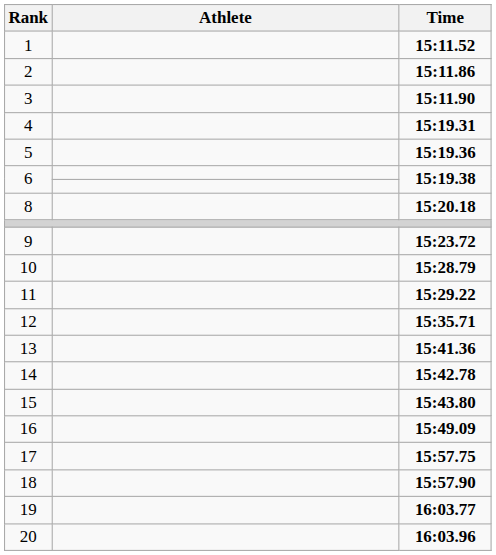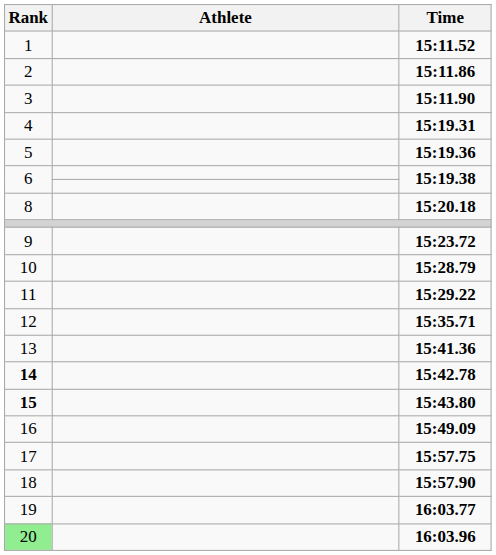 <table class="wikitable">
 <tr>
 <th>Rank</th>
 <th align="center" style="width: 20em">Athlete</th>
 <th align="center" style="width: 5em">Time</th>
 </tr>
 <tr>
 <td align="center">1</td>
 <td></td>
 <td align="center"><strong>15:11.52</strong></td>
 </tr>
 <tr>
 <td align="center">2</td>
 <td></td>
 <td align="center"><strong>15:11.86</strong></td>
 </tr>
 <tr>
 <td align="center">3</td>
 <td></td>
 <td align="center"><strong>15:11.90</strong></td>
 </tr>
 <tr>
 <td align="center">4</td>
 <td></td>
 <td align="center"><strong>15:19.31</strong></td>
 </tr>
 <tr>
 <td align="center">5</td>
 <td></td>
 <td align="center"><strong>15:19.36</strong></td>
 </tr>
 <tr>
 <td rowspan=2 align="center">6</td>
 <td></td>
 <td rowspan=2 align="center"><strong>15:19.38</strong></td>
 </tr>
 <tr>
 <td></td>
 </tr>
 <tr>
 <td align="center">8</td>
 <td></td>
 <td align="center"><strong>15:20.18</strong></td>
 </tr>
 <tr>
 <td colspan=3 bgcolor=lightgray></td>
 </tr>
 <tr>
 <td align="center">9</td>
 <td></td>
 <td align="center"><strong>15:23.72</strong></td>
 </tr>
 <tr>
 <td align="center">10</td>
 <td></td>
 <td align="center"><strong>15:28.79</strong></td>
 </tr>
 <tr>
 <td align="center">11</td>
 <td></td>
 <td align="center"><strong>15:29.22</strong></td>
 </tr>
 <tr>
 <td align="center">12</td>
 <td></td>
 <td align="center"><strong>15:35.71</strong></td>
 </tr>
 <tr>
 <td align="center">13</td>
 <td></td>
 <td align="center"><strong>15:41.36</strong></td>
 </tr>
 <tr>
-<td align="center">14</td>
+<td align="center"><strong>14</strong></td>
 <td></td>
 <td align="center"><strong>15:42.78</strong></td>
 </tr>
 <tr>
-<td align="center">15</td>
+<td align="center"><strong>15</strong></td>
 <td></td>
 <td align="center"><strong>15:43.80</strong></td>
 </tr>
 <tr>
 <td align="center">16</td>
 <td></td>
 <td align="center"><strong>15:49.09</strong></td>
 </tr>
 <tr>
 <td align="center">17</td>
 <td></td>
 <td align="center"><strong>15:57.75</strong></td>
 </tr>
 <tr>
 <td align="center">18</td>
 <td></td>
 <td align="center"><strong>15:57.90</strong></td>
 </tr>
 <tr>
 <td align="center">19</td>
 <td></td>
 <td align="center"><strong>16:03.77</strong></td>
 </tr>
 <tr>
-<td align="center">20</td>
+<td align="center" style="background: lightgreen;">20</td>
 <td></td>
 <td align="center"><strong>16:03.96</strong></td>
 </tr>
 </table>
